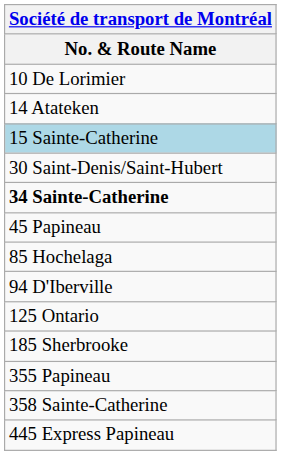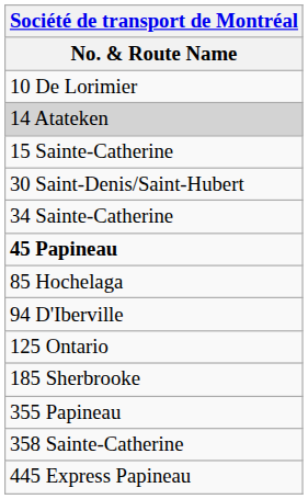 <table class="wikitable sortable mw-collapsible autocollapse">
 <tr>
 <th style="background: #"><a href='#'><span>Société de transport de Montréal</span></a></th>
 </tr>
 <tr>
 <th>No. & Route Name</th>
 </tr>
 <tr>
 <td> 10 De Lorimier</td>
 </tr>
 <tr>
-<td> 14 Atateken</td>
+<td style="background: lightgrey;"> 14 Atateken</td>
 </tr>
 <tr>
-<td style="background: lightblue;"> 15 Sainte-Catherine</td>
+<td> 15 Sainte-Catherine</td>
 </tr>
 <tr>
 <td> 30 Saint-Denis/Saint-Hubert</td>
 </tr>
 <tr>
-<td><strong> 34 Sainte-Catherine</strong></td>
+<td> 34 Sainte-Catherine</td>
 </tr>
 <tr>
-<td> 45 Papineau</td>
+<td><strong> 45 Papineau</strong></td>
 </tr>
 <tr>
 <td> 85 Hochelaga</td>
 </tr>
 <tr>
 <td> 94 D'Iberville</td>
 </tr>
 <tr>
 <td> 125 Ontario</td>
 </tr>
 <tr>
 <td> 185 Sherbrooke</td>
 </tr>
 <tr>
 <td> 355 Papineau</td>
 </tr>
 <tr>
 <td> 358 Sainte-Catherine</td>
 </tr>
 <tr>
 <td> 445 Express Papineau</td>
 </tr>
 </table>
